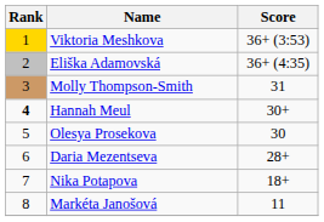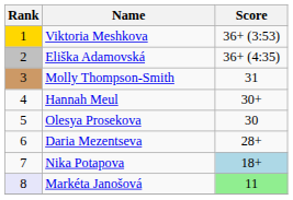 <table class="wikitable">
 <tr>
 <th>Rank</th>
 <th width = "200">Name</th>
 <th width = "80">Score</th>
 </tr>
 <tr>
 <td align="center" style="background: gold">1</td>
 <td> <a href='#'>Viktoria Meshkova</a></td>
 <td align="center">36+ (3:53)</td>
 </tr>
 <tr>
 <td align="center" style="background: silver">2</td>
 <td> <a href='#'>Eliška Adamovská</a></td>
 <td align="center">36+ (4:35)</td>
 </tr>
 <tr>
 <td align="center" style="background: #cc9966">3</td>
 <td> <a href='#'>Molly Thompson-Smith</a></td>
 <td align="center">31</td>
 </tr>
 <tr>
-<td align="center"><strong>4</strong></td>
+<td align="center">4</td>
 <td> <a href='#'>Hannah Meul</a></td>
 <td align="center">30+</td>
 </tr>
 <tr>
 <td align="center">5</td>
 <td> <a href='#'>Olesya Prosekova</a></td>
 <td align="center">30</td>
 </tr>
 <tr>
 <td align="center">6</td>
 <td> <a href='#'>Daria Mezentseva</a></td>
 <td align="center">28+</td>
 </tr>
 <tr>
 <td align="center">7</td>
 <td> <a href='#'>Nika Potapova</a></td>
-<td align="center">18+</td>
+<td align="center" style="background: lightblue;">18+</td>
 </tr>
 <tr>
-<td align="center">8</td>
+<td align="center" style="background: lavender;">8</td>
 <td> <a href='#'>Markéta Janošová</a></td>
-<td align="center">11</td>
+<td align="center" style="background: lightgreen;">11</td>
 </tr>
 <tr>
 </tr>
 </table>
